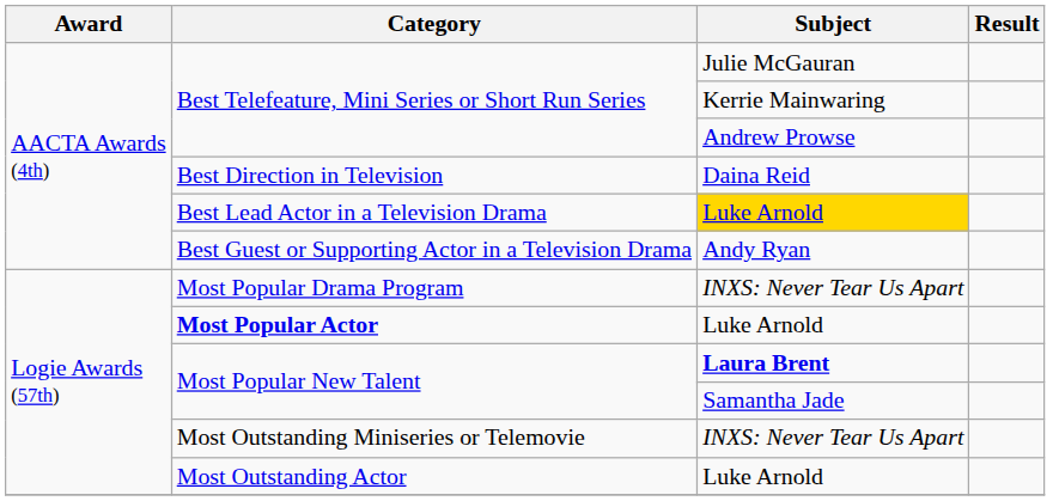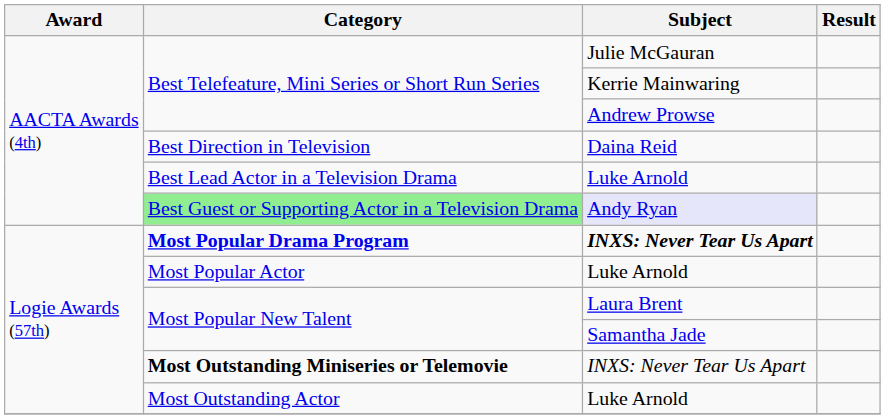 <table class="wikitable">
 <tr>
 <th>Award</th>
 <th>Category</th>
 <th>Subject</th>
 <th>Result</th>
 </tr>
 <tr>
 <td rowspan=6><a href='#'>AACTA Awards</a><br><small>(<a href='#'>4th</a>)</small></td>
 <td rowspan=3><a href='#'>Best Telefeature, Mini Series or Short Run Series</a></td>
 <td>Julie McGauran</td>
 <td></td>
 </tr>
 <tr>
 <td>Kerrie Mainwaring</td>
 <td></td>
 </tr>
 <tr>
 <td><a href='#'>Andrew Prowse</a></td>
 <td></td>
 </tr>
 <tr>
 <td><a href='#'>Best Direction in Television</a></td>
 <td><a href='#'>Daina Reid</a></td>
 <td></td>
 </tr>
 <tr>
 <td><a href='#'>Best Lead Actor in a Television Drama</a></td>
-<td style="background: gold;"><a href='#'>Luke Arnold</a></td>
+<td><a href='#'>Luke Arnold</a></td>
 <td></td>
 </tr>
 <tr>
-<td><a href='#'>Best Guest or Supporting Actor in a Television Drama</a></td>
-<td><a href='#'>Andy Ryan</a></td>
+<td style="background: lightgreen;"><a href='#'>Best Guest or Supporting Actor in a Television Drama</a></td>
+<td style="background: lavender;"><a href='#'>Andy Ryan</a></td>
 <td></td>
 </tr>
 <tr>
 <td rowspan="6"><a href='#'>Logie Awards</a><br><small>(<a href='#'>57th</a>)</small></td>
-<td><a href='#'>Most Popular Drama Program</a></td>
-<td><em>INXS: Never Tear Us Apart</em></td>
+<td><strong><a href='#'>Most Popular Drama Program</a></strong></td>
+<td><strong><em>INXS: Never Tear Us Apart</em></strong></td>
 <td></td>
 </tr>
 <tr>
-<td><strong><a href='#'>Most Popular Actor</a></strong></td>
+<td><a href='#'>Most Popular Actor</a></td>
 <td>Luke Arnold</td>
 <td></td>
 </tr>
 <tr>
 <td rowspan="2"><a href='#'>Most Popular New Talent</a></td>
-<td><strong><a href='#'>Laura Brent</a></strong></td>
+<td><a href='#'>Laura Brent</a></td>
 <td></td>
 </tr>
 <tr>
 <td><a href='#'>Samantha Jade</a></td>
 <td></td>
 </tr>
 <tr>
-<td>Most Outstanding Miniseries or Telemovie</td>
+<td><strong>Most Outstanding Miniseries or Telemovie</strong></td>
 <td><em>INXS: Never Tear Us Apart</em></td>
 <td></td>
 </tr>
 <tr>
 <td><a href='#'>Most Outstanding Actor</a></td>
 <td>Luke Arnold</td>
 <td></td>
 </tr>
 <tr>
 </tr>
 </table>
